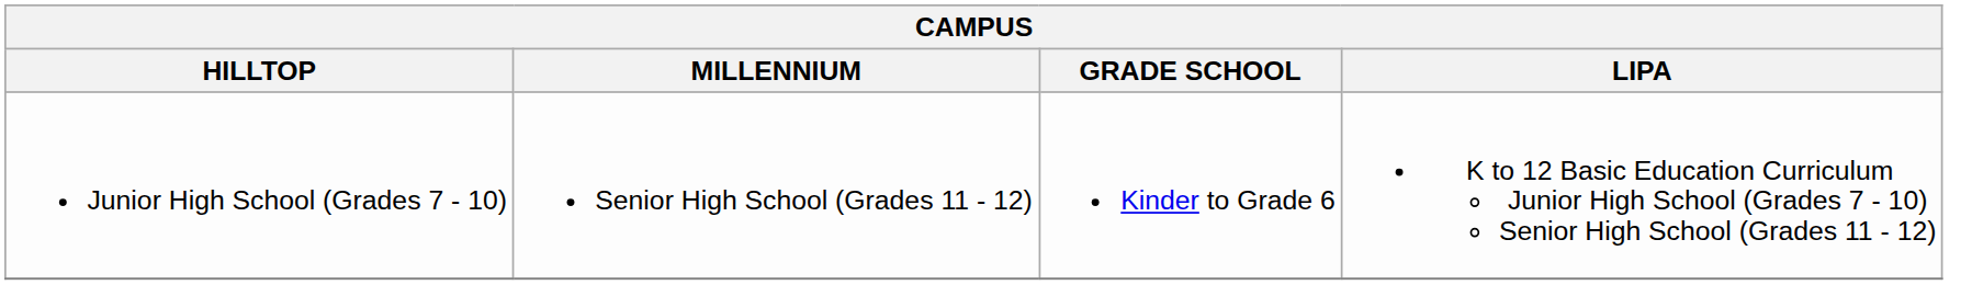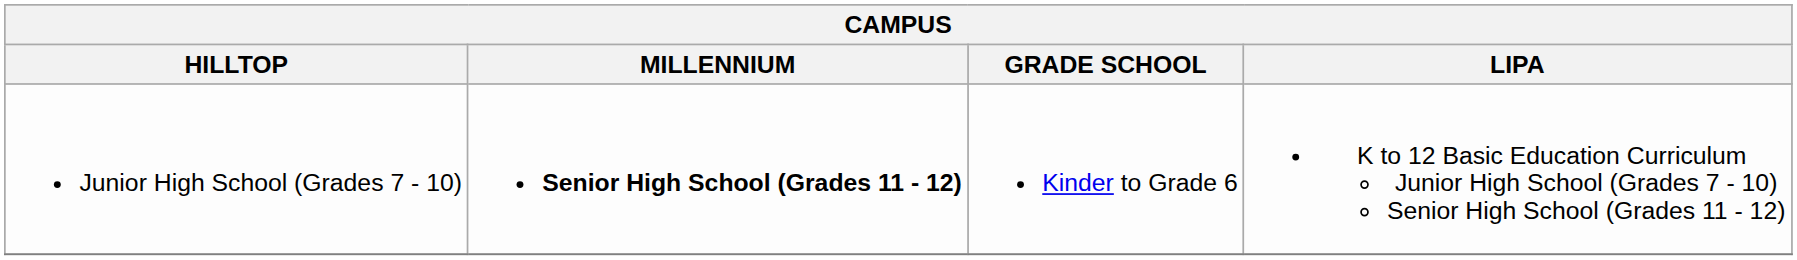 <table class="wikitable sortable" style="background-color:#FDFDFD;text-align:center;font-size:90%;border:1pt solid grey;">
 <tr>
 <th colspan="4">CAMPUS</th>
 </tr>
 <tr>
 <th colspan="1">HILLTOP</th>
 <th>MILLENNIUM</th>
 <th>GRADE SCHOOL</th>
 <th>LIPA</th>
 </tr>
 <tr>
 <td><br><ul><li>Junior High School (Grades 7 - 10)</li></ul></td>
-<td><br><ul><li>Senior High School (Grades 11 - 12)</li></ul></td>
+<td><strong><br><ul><li>Senior High School (Grades 11 - 12)</li></ul></strong></td>
 <td><br><ul><li><a href='#'>Kinder</a> to Grade 6</li></ul></td>
 <td><br><ul><li>K to 12 Basic Education Curriculum<ul><li>Junior High School (Grades 7 - 10)</li><li>Senior High School (Grades 11 - 12)</li></ul></li></ul></td>
 </tr>
 <tr>
 </tr>
 </table>
